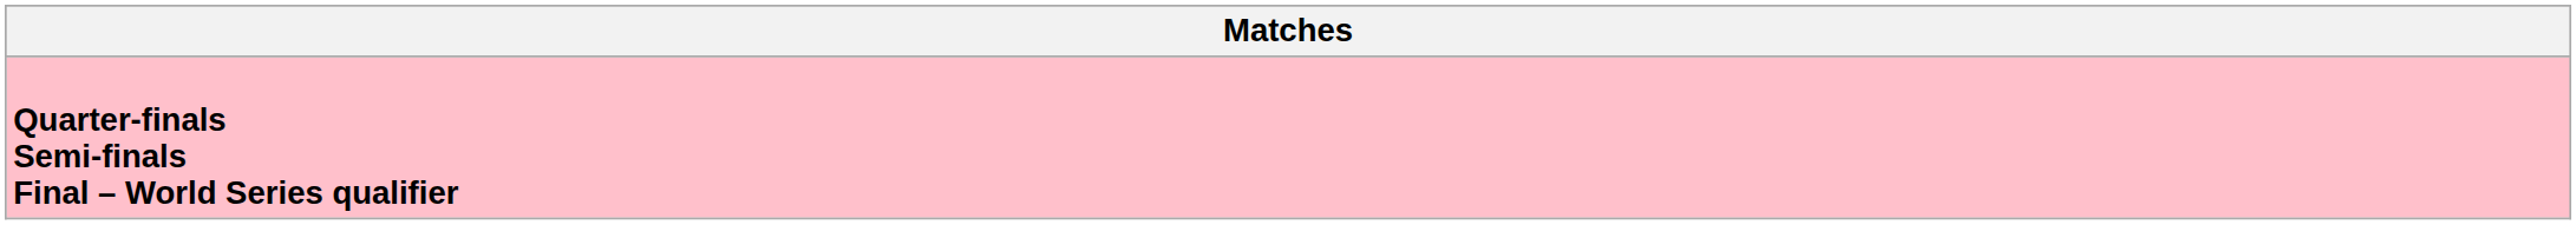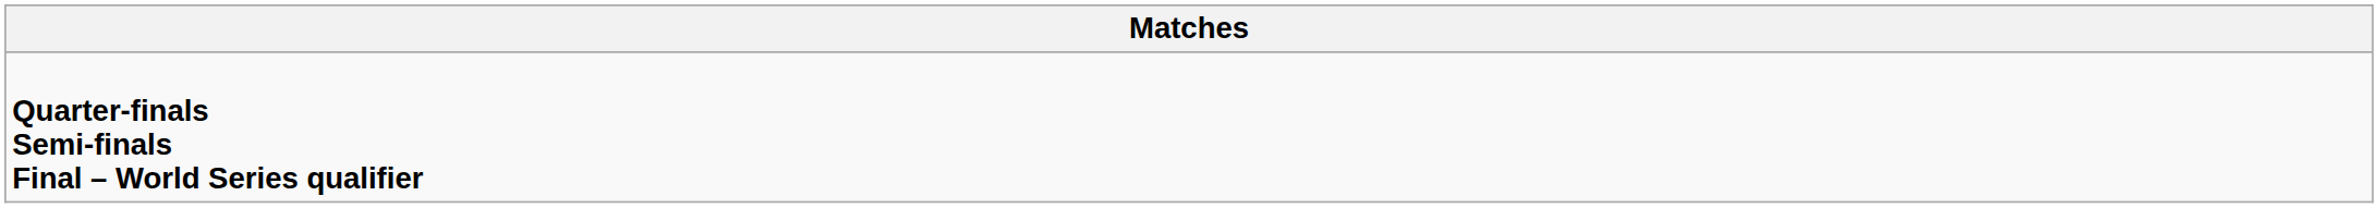 <table class="wikitable collapsible collapsed" style="width:100%;">
 <tr>
 <th>Matches</th>
 </tr>
 <tr>
-<td style="background: pink;"><br><strong>Quarter-finals</strong>    <br><strong>Semi-finals</strong>  <br><strong>Final – World Series qualifier</strong> </td>
+<td><br><strong>Quarter-finals</strong>    <br><strong>Semi-finals</strong>  <br><strong>Final – World Series qualifier</strong> </td>
 </tr>
 </table>
